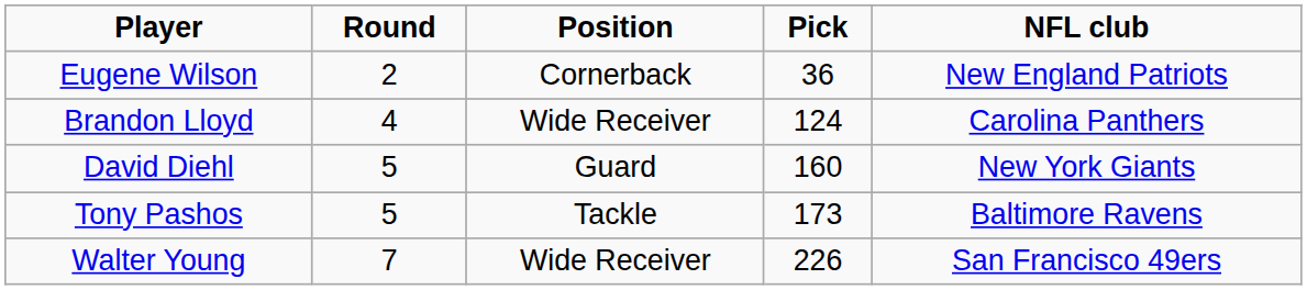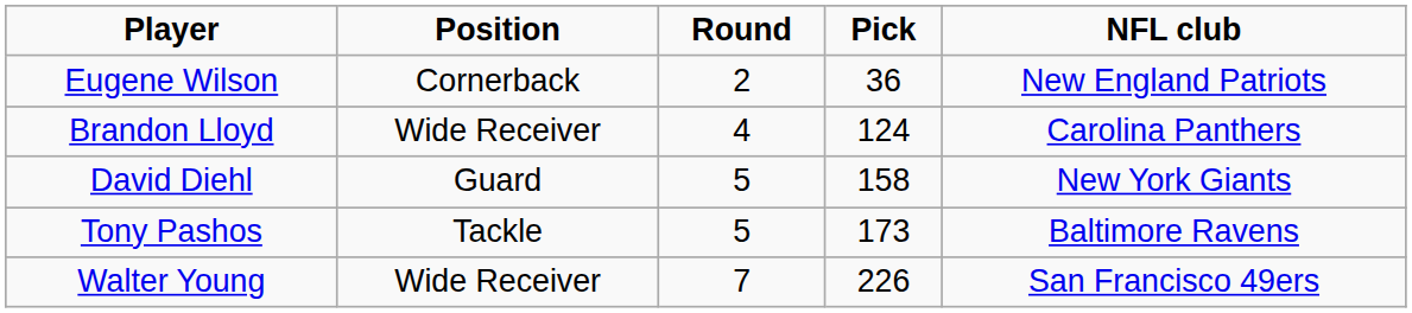 <table class="wikitable" width="80%">
 <tr align="center">
 <td><strong>Player</strong></td>
+<td><strong>Position</strong></td>
 <td><strong>Round</strong></td>
-<td><strong>Position</strong></td>
 <td><strong>Pick</strong></td>
 <td><strong>NFL club</strong></td>
 </tr>
 <tr align="center" bgcolor="">
 <td><a href='#'>Eugene Wilson</a></td>
+<td>Cornerback</td>
 <td>2</td>
-<td>Cornerback</td>
 <td>36</td>
 <td><a href='#'>New England Patriots</a></td>
 </tr>
 <tr align="center" bgcolor="">
 <td><a href='#'>Brandon Lloyd</a></td>
+<td>Wide Receiver</td>
 <td>4</td>
-<td>Wide Receiver</td>
 <td>124</td>
 <td><a href='#'>Carolina Panthers</a></td>
 </tr>
 <tr align="center" bgcolor="">
 <td><a href='#'>David Diehl</a></td>
+<td>Guard</td>
 <td>5</td>
-<td>Guard</td>
-<td>160</td>
+<td>158</td>
 <td><a href='#'>New York Giants</a></td>
 </tr>
 <tr align="center" bgcolor="">
 <td><a href='#'>Tony Pashos</a></td>
+<td>Tackle</td>
 <td>5</td>
-<td>Tackle</td>
 <td>173</td>
 <td><a href='#'>Baltimore Ravens</a></td>
 </tr>
 <tr align="center" bgcolor="">
 <td><a href='#'>Walter Young</a></td>
+<td>Wide Receiver</td>
 <td>7</td>
-<td>Wide Receiver</td>
 <td>226</td>
 <td><a href='#'>San Francisco 49ers</a></td>
 </tr>
 </table>
